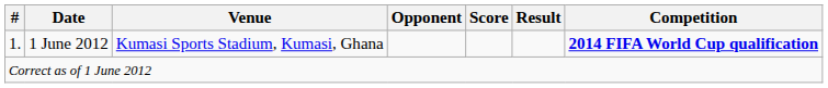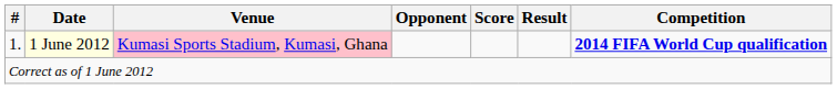 <table class="wikitable">
 <tr>
 <th>#</th>
 <th>Date</th>
 <th>Venue</th>
 <th>Opponent</th>
 <th>Score</th>
 <th>Result</th>
 <th>Competition</th>
 </tr>
 <tr>
 <td align=center>1.</td>
-<td>1 June 2012</td>
-<td><a href='#'>Kumasi Sports Stadium</a>, <a href='#'>Kumasi</a>, Ghana</td>
+<td style="background: lightyellow;">1 June 2012</td>
+<td style="background: pink;"><a href='#'>Kumasi Sports Stadium</a>, <a href='#'>Kumasi</a>, Ghana</td>
 <td></td>
 <td></td>
 <td></td>
 <td><strong><a href='#'>2014 FIFA World Cup qualification</a></strong></td>
 </tr>
 <tr>
 <td colspan=7><small><em>Correct as of 1 June 2012</em></small></td>
 </tr>
 </table>
